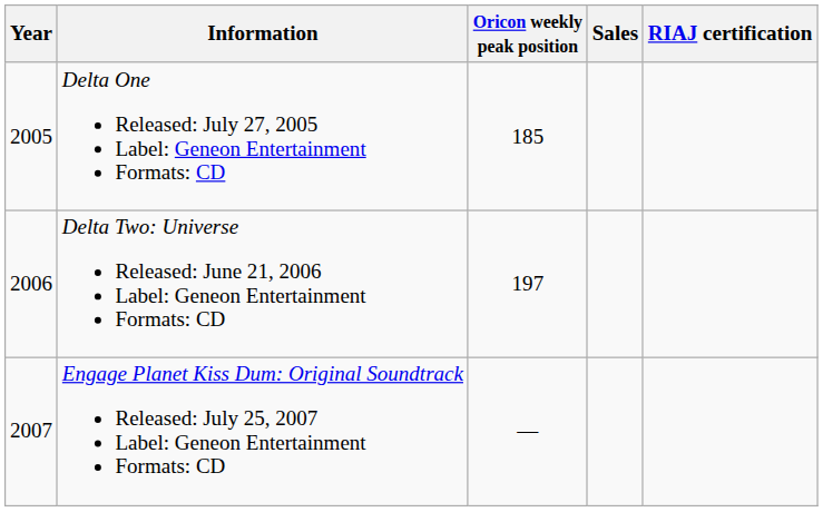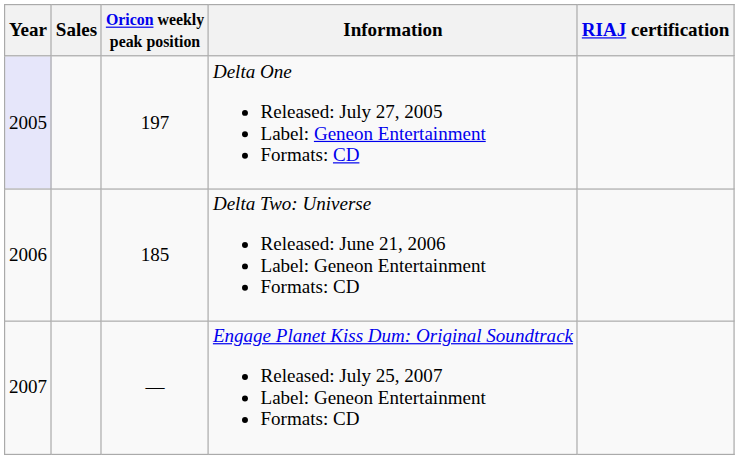 <table class="wikitable">
 <tr>
 <th>Year</th>
+<th>Sales</th>
+<th><small><a href='#'>Oricon</a> weekly<br>peak position</small></th>
 <th>Information</th>
-<th><small><a href='#'>Oricon</a> weekly<br>peak position</small></th>
-<th>Sales</th>
 <th><a href='#'>RIAJ</a> certification</th>
 </tr>
 <tr>
-<td>2005</td>
+<td style="background: lavender;">2005</td>
+<td align="left"></td>
+<td style="text-align:center;">197</td>
 <td><em>Delta One</em><br><ul><li>Released: July 27, 2005</li><li>Label: <a href='#'>Geneon Entertainment</a></li><li>Formats: <a href='#'>CD</a></li></ul></td>
-<td style="text-align:center;">185</td>
-<td align="left"></td>
 <td align="left"></td>
 </tr>
 <tr>
 <td>2006</td>
+<td align="left"></td>
+<td style="text-align:center;">185</td>
 <td><em>Delta Two: Universe</em><br><ul><li>Released: June 21, 2006</li><li>Label: Geneon Entertainment</li><li>Formats: CD</li></ul></td>
-<td style="text-align:center;">197</td>
-<td align="left"></td>
 <td align="left"></td>
 </tr>
 <tr>
 <td>2007</td>
+<td align="left"></td>
+<td style="text-align:center;">—</td>
 <td><em><a href='#'>Engage Planet Kiss Dum: Original Soundtrack</a></em><br><ul><li>Released: July 25, 2007</li><li>Label: Geneon Entertainment</li><li>Formats: CD</li></ul></td>
-<td style="text-align:center;">—</td>
-<td align="left"></td>
 <td align="left"></td>
 </tr>
 </table>
